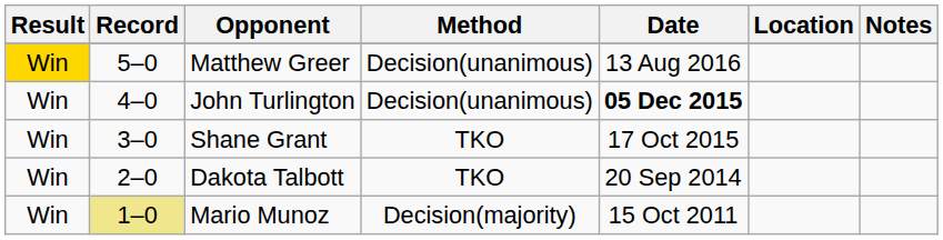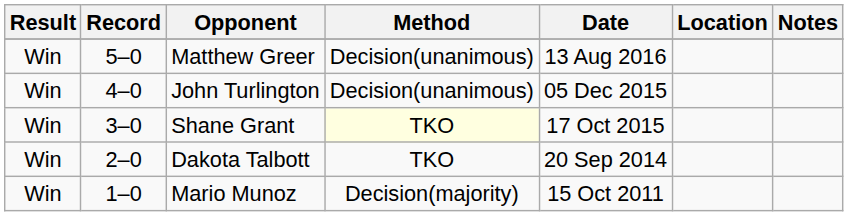 <table class="wikitable" style="text-align:center; font-size:95%">
 <tr>
 <th>Result</th>
 <th>Record</th>
 <th>Opponent</th>
 <th>Method</th>
 <th>Date</th>
 <th>Location</th>
 <th>Notes</th>
 </tr>
 <tr>
 </tr>
 <tr align=center>
-<td style="background: gold;">Win</td>
+<td>Win</td>
 <td>5–0</td>
 <td align=left> Matthew Greer</td>
 <td>Decision(unanimous)</td>
 <td>13 Aug 2016</td>
 <td align=left></td>
 <td></td>
 </tr>
 <tr align=center>
 <td>Win</td>
 <td>4–0</td>
 <td align=left> John Turlington</td>
 <td>Decision(unanimous)</td>
-<td><strong>05 Dec 2015</strong></td>
+<td>05 Dec 2015</td>
 <td align=left></td>
 <td></td>
 </tr>
 <tr align=center>
 <td>Win</td>
 <td>3–0</td>
 <td align=left> 	Shane Grant</td>
-<td>TKO</td>
+<td style="background: lightyellow;">TKO</td>
 <td>17 Oct 2015</td>
 <td align=left></td>
 <td></td>
 </tr>
 <tr align=center>
 <td>Win</td>
 <td>2–0</td>
 <td align=left> Dakota Talbott</td>
 <td>TKO</td>
 <td>20 Sep 2014</td>
 <td align=left></td>
 <td></td>
 </tr>
 <tr align=center>
 <td>Win</td>
-<td style="background: khaki;">1–0</td>
+<td>1–0</td>
 <td align=left> Mario Munoz</td>
 <td>Decision(majority)</td>
 <td>15 Oct 2011</td>
 <td align=left></td>
 <td></td>
 </tr>
 </table>
